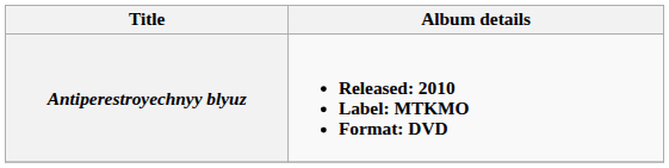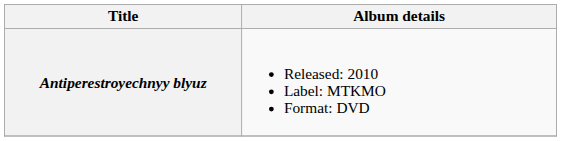 <table class="wikitable plainrowheaders" style="text-align:center;">
 <tr>
 <th style="width:15em;">Title</th>
 <th style="width:20em;">Album details</th>
 </tr>
 <tr>
 <th scope="row"><em>Antiperestroyechnyy blyuz</em></th>
-<td align="left"><strong><br><ul><li>Released: 2010</li><li>Label: MTKMO</li><li>Format: DVD</li></ul></strong></td>
+<td align="left"><br><ul><li>Released: 2010</li><li>Label: MTKMO</li><li>Format: DVD</li></ul></td>
 </tr>
 <tr>
 </tr>
 </table>
